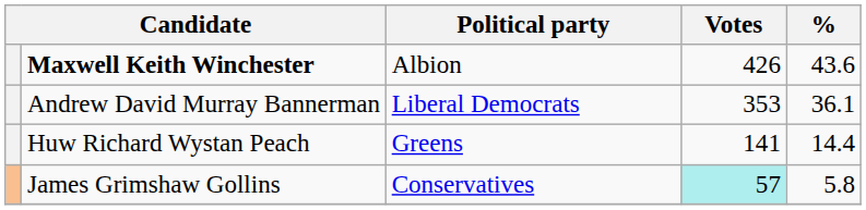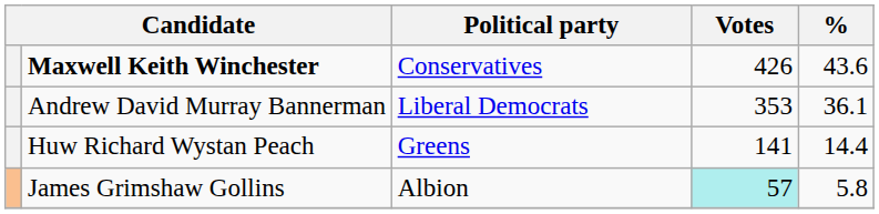 <table class="wikitable">
 <tr>
 <th valign=top colspan="2" style="width: 180px">Candidate</th>
 <th valign=top style="width: 180px">Political party</th>
 <th valign=top style="width: 60px">Votes</th>
 <th valign=top style="width: 40px">%</th>
 </tr>
 <tr>
 <th style="background-color: "></th>
 <td><strong>Maxwell Keith Winchester</strong></td>
-<td>Albion</td>
+<td><a href='#'>Conservatives</a></td>
 <td align="right">426</td>
 <td align="right">43.6</td>
 </tr>
 <tr>
 <th style="background-color: "></th>
 <td>Andrew David Murray Bannerman</td>
 <td><a href='#'>Liberal Democrats</a></td>
 <td align="right">353</td>
 <td align="right">36.1</td>
 </tr>
 <tr>
 <th style="background-color: "></th>
 <td>Huw Richard Wystan Peach</td>
 <td><a href='#'>Greens</a></td>
 <td align="right">141</td>
 <td align="right">14.4</td>
 </tr>
 <tr>
 <th style="background-color: rgb(250,191,143); width: 3px;"></th>
 <td>James Grimshaw Gollins</td>
-<td><a href='#'>Conservatives</a></td>
+<td>Albion</td>
 <td align="right" style="background: paleturquoise;">57</td>
 <td align="right">5.8</td>
 </tr>
 <tr>
 </tr>
 </table>
